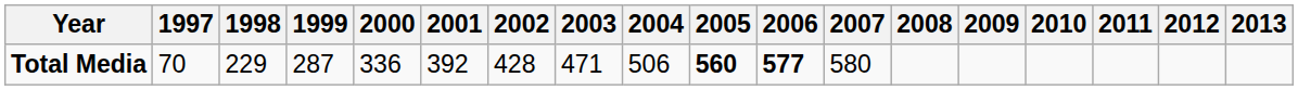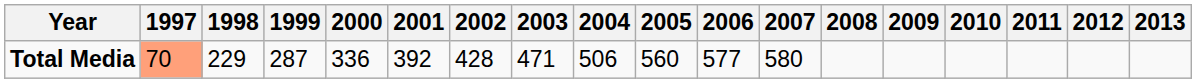 <table class="wikitable">
 <tr>
 <th>Year</th>
 <th>1997</th>
 <th>1998</th>
 <th>1999</th>
 <th>2000</th>
 <th>2001</th>
 <th>2002</th>
 <th>2003</th>
 <th>2004</th>
 <th>2005</th>
 <th>2006</th>
 <th>2007</th>
 <th>2008</th>
 <th>2009</th>
 <th>2010</th>
 <th>2011</th>
 <th>2012</th>
 <th>2013</th>
 </tr>
 <tr>
 <td><strong>Total Media</strong></td>
-<td>70</td>
+<td style="background: lightsalmon;">70</td>
 <td>229</td>
 <td>287</td>
 <td>336</td>
 <td>392</td>
 <td>428</td>
 <td>471</td>
 <td>506</td>
-<td><strong>560</strong></td>
-<td><strong>577</strong></td>
+<td>560</td>
+<td>577</td>
 <td>580</td>
 <td></td>
 <td></td>
 <td></td>
 <td></td>
 <td></td>
 <td></td>
 </tr>
 </table>
